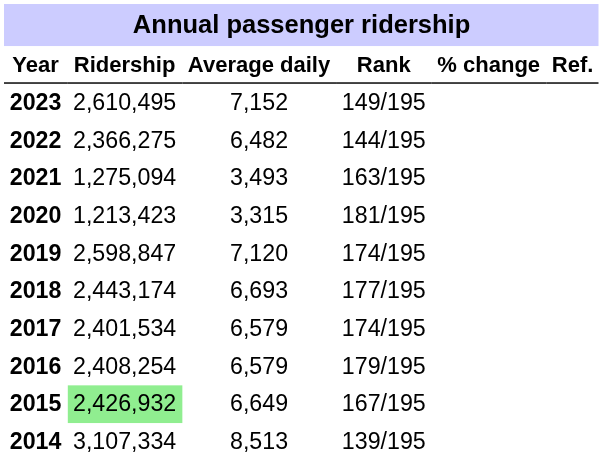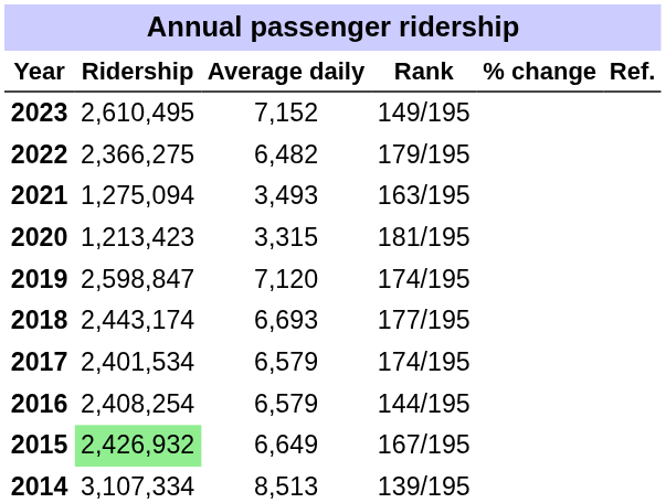 <table class="toccolours" cellpadding="4" cellspacing="0" style="text-align:right;">
 <tr>
 <th colspan="6"  style="background-color:#ccf; background-color:#ccf; font-size:110%; text-align:center;">Annual passenger ridership</th>
 </tr>
 <tr style="font-size:95%; text-align:center">
 <th style="border-bottom:1px solid black">Year</th>
 <th style="border-bottom:1px solid black">Ridership</th>
 <th style="border-bottom:1px solid black">Average daily</th>
 <th style="border-bottom:1px solid black">Rank</th>
 <th style="border-bottom:1px solid black">% change</th>
 <th style="border-bottom:1px solid black">Ref.</th>
 </tr>
 <tr style="text-align:center;">
 <td><strong>2023</strong></td>
 <td>2,610,495</td>
 <td>7,152</td>
 <td>149/195</td>
 <td></td>
 <td></td>
 </tr>
 <tr style="text-align:center;">
 <td><strong>2022</strong></td>
 <td>2,366,275</td>
 <td>6,482</td>
-<td>144/195</td>
+<td>179/195</td>
 <td></td>
 <td></td>
 </tr>
 <tr style="text-align:center;">
 <td><strong>2021</strong></td>
 <td>1,275,094</td>
 <td>3,493</td>
 <td>163/195</td>
 <td></td>
 <td></td>
 </tr>
 <tr style="text-align:center;">
 <td><strong>2020</strong></td>
 <td>1,213,423</td>
 <td>3,315</td>
 <td>181/195</td>
 <td></td>
 <td></td>
 </tr>
 <tr style="text-align:center;">
 <td><strong>2019</strong></td>
 <td>2,598,847</td>
 <td>7,120</td>
 <td>174/195</td>
 <td></td>
 <td></td>
 </tr>
 <tr style="text-align:center;">
 <td><strong>2018</strong></td>
 <td>2,443,174</td>
 <td>6,693</td>
 <td>177/195</td>
 <td></td>
 <td></td>
 </tr>
 <tr style="text-align:center;">
 <td><strong>2017</strong></td>
 <td>2,401,534</td>
 <td>6,579</td>
 <td>174/195</td>
 <td></td>
 <td></td>
 </tr>
 <tr style="text-align:center;">
 <td><strong>2016</strong></td>
 <td>2,408,254</td>
 <td>6,579</td>
-<td>179/195</td>
+<td>144/195</td>
 <td></td>
 <td></td>
 </tr>
 <tr style="text-align:center;">
 <td><strong>2015</strong></td>
 <td style="background: lightgreen;">2,426,932</td>
 <td>6,649</td>
 <td>167/195</td>
 <td></td>
 <td></td>
 </tr>
 <tr style="text-align:center;">
 <td><strong>2014</strong></td>
 <td>3,107,334</td>
 <td>8,513</td>
 <td>139/195</td>
 <td></td>
 <td></td>
 </tr>
 </table>
